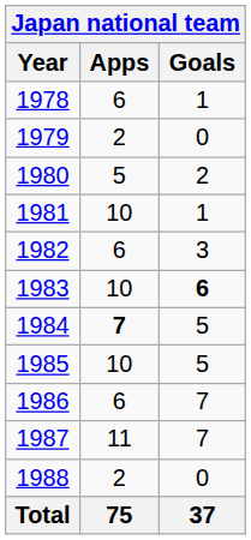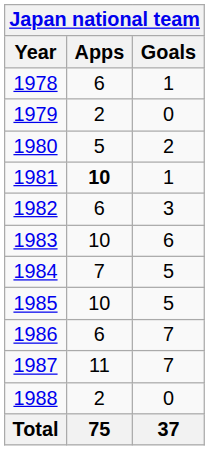 <table class="wikitable" style="text-align:center">
 <tr>
 <th colspan=3><a href='#'>Japan national team</a></th>
 </tr>
 <tr>
 <th>Year</th>
 <th>Apps</th>
 <th>Goals</th>
 </tr>
 <tr>
 <td><a href='#'>1978</a></td>
 <td>6</td>
 <td>1</td>
 </tr>
 <tr>
 <td><a href='#'>1979</a></td>
 <td>2</td>
 <td>0</td>
 </tr>
 <tr>
 <td><a href='#'>1980</a></td>
 <td>5</td>
 <td>2</td>
 </tr>
 <tr>
 <td><a href='#'>1981</a></td>
-<td>10</td>
+<td><strong>10</strong></td>
 <td>1</td>
 </tr>
 <tr>
 <td><a href='#'>1982</a></td>
 <td>6</td>
 <td>3</td>
 </tr>
 <tr>
 <td><a href='#'>1983</a></td>
 <td>10</td>
-<td><strong>6</strong></td>
+<td>6</td>
 </tr>
 <tr>
 <td><a href='#'>1984</a></td>
-<td><strong>7</strong></td>
+<td>7</td>
 <td>5</td>
 </tr>
 <tr>
 <td><a href='#'>1985</a></td>
 <td>10</td>
 <td>5</td>
 </tr>
 <tr>
 <td><a href='#'>1986</a></td>
 <td>6</td>
 <td>7</td>
 </tr>
 <tr>
 <td><a href='#'>1987</a></td>
 <td>11</td>
 <td>7</td>
 </tr>
 <tr>
 <td><a href='#'>1988</a></td>
 <td>2</td>
 <td>0</td>
 </tr>
 <tr>
 <th>Total</th>
 <th>75</th>
 <th>37</th>
 </tr>
 </table>
